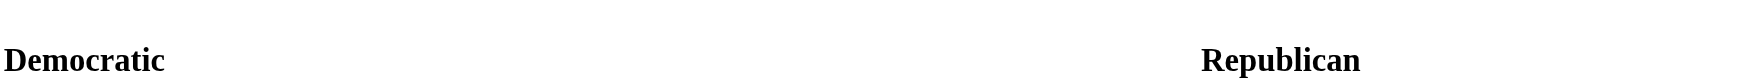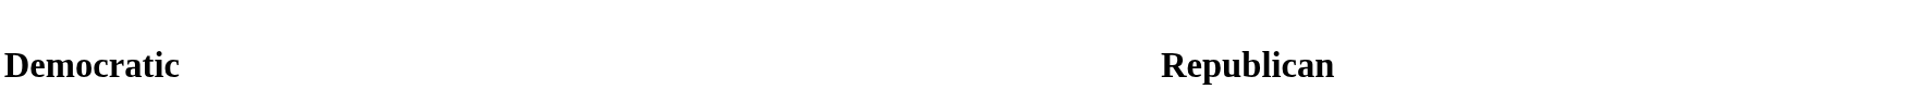 <table style="width:70%; text-align:center">
 <tr style="color:white">
 <td style="background:"><strong>230</strong></td>
+<td style="background:"><strong>196</strong></td>
 <td style="background:"><strong>9</strong></td>
-<td style="background:"><strong>196</strong></td>
 </tr>
 <tr>
 <td><span><strong>Democratic</strong></span></td>
+<td><span><strong>Republican</strong></span></td>
 <td><span></span></td>
-<td><span><strong>Republican</strong></span></td>
 </tr>
 </table>
